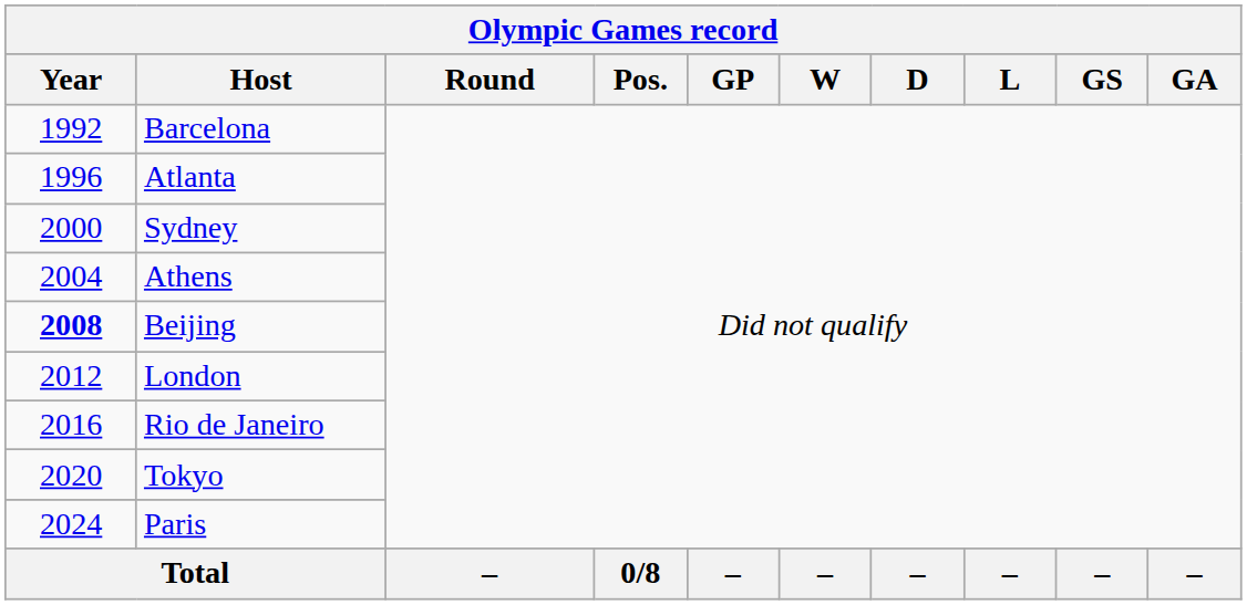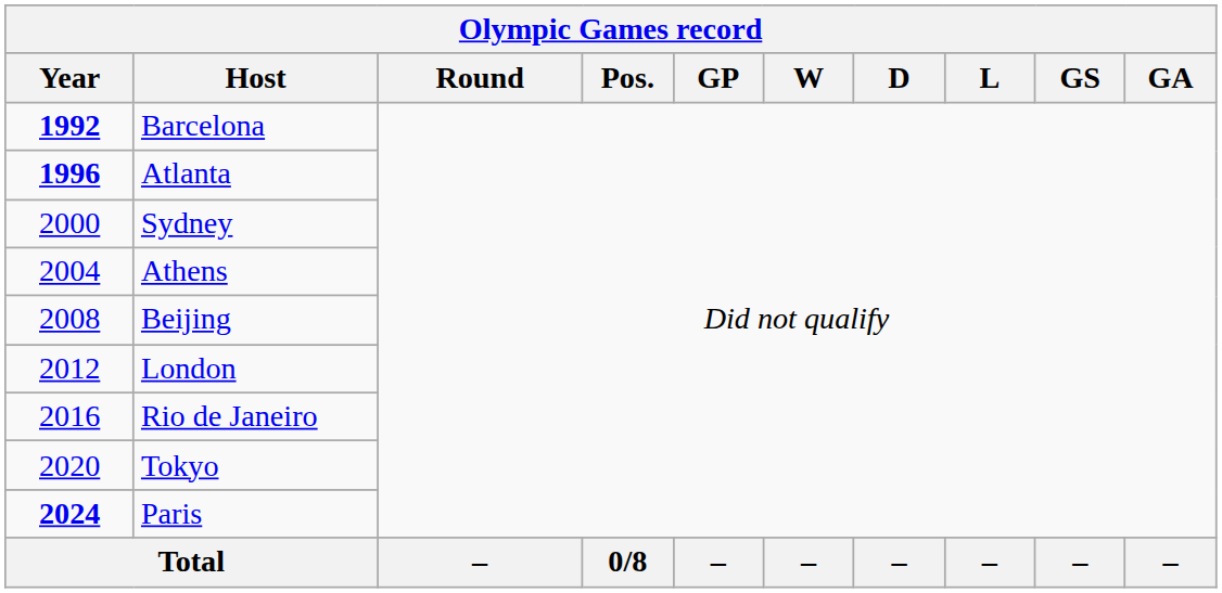 <table class="wikitable" style="text-align: center">
 <tr>
 <th colspan=10><a href='#'>Olympic Games record</a></th>
 </tr>
 <tr>
 <th width=60px>Year</th>
 <th width=120px>Host</th>
 <th width=100px>Round</th>
 <th width=40px>Pos.</th>
 <th width=40px>GP</th>
 <th width=40px>W</th>
 <th width=40px>D</th>
 <th width=40px>L</th>
 <th width=40px>GS</th>
 <th width=40px>GA</th>
 </tr>
 <tr>
-<td><a href='#'>1992</a></td>
+<td><strong><a href='#'>1992</a></strong></td>
 <td align=left> <a href='#'>Barcelona</a></td>
 <td colspan=9 rowspan=9><em>Did not qualify</em></td>
 </tr>
 <tr>
-<td><a href='#'>1996</a></td>
+<td><strong><a href='#'>1996</a></strong></td>
 <td align=left> <a href='#'>Atlanta</a></td>
 </tr>
 <tr>
 <td><a href='#'>2000</a></td>
 <td align=left> <a href='#'>Sydney</a></td>
 </tr>
 <tr>
 <td><a href='#'>2004</a></td>
 <td align=left> <a href='#'>Athens</a></td>
 </tr>
 <tr>
-<td><strong><a href='#'>2008</a></strong></td>
+<td><a href='#'>2008</a></td>
 <td align=left> <a href='#'>Beijing</a></td>
 </tr>
 <tr>
 <td><a href='#'>2012</a></td>
 <td align=left> <a href='#'>London</a></td>
 </tr>
 <tr>
 <td><a href='#'>2016</a></td>
 <td align=left> <a href='#'>Rio de Janeiro</a></td>
 </tr>
 <tr>
 <td><a href='#'>2020</a></td>
 <td align=left> <a href='#'>Tokyo</a></td>
 </tr>
 <tr>
-<td><a href='#'>2024</a></td>
+<td><strong><a href='#'>2024</a></strong></td>
 <td align=left> <a href='#'>Paris</a></td>
 </tr>
 <tr>
 <th colspan=2>Total</th>
 <th>–</th>
 <th>0/8</th>
 <th>–</th>
 <th>–</th>
 <th>–</th>
 <th>–</th>
 <th>–</th>
 <th>–</th>
 </tr>
 </table>
